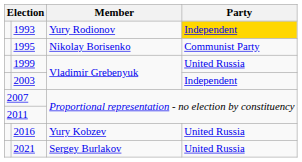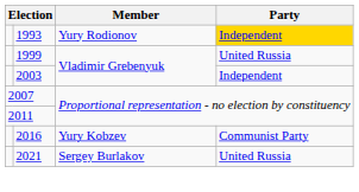 <table class="wikitable">
 <tr>
 <th colspan="2">Election</th>
 <th>Member</th>
 <th>Party</th>
 </tr>
 <tr>
 <td style="background-color:"></td>
 <td><a href='#'>1993</a></td>
 <td><a href='#'>Yury Rodionov</a></td>
 <td style="background: gold;"><a href='#'>Independent</a></td>
-</tr>
-<tr>
-<td style="background-color:"></td>
-<td><a href='#'>1995</a></td>
-<td><a href='#'>Nikolay Borisenko</a></td>
-<td><a href='#'>Communist Party</a></td>
 </tr>
 <tr>
 <td style="background-color:"></td>
 <td><a href='#'>1999</a></td>
 <td rowspan=2><a href='#'>Vladimir Grebenyuk</a></td>
 <td><a href='#'>United Russia</a></td>
 </tr>
 <tr>
 <td style="background-color:"></td>
 <td><a href='#'>2003</a></td>
 <td><a href='#'>Independent</a></td>
 </tr>
 <tr>
 <td colspan=2><a href='#'>2007</a></td>
 <td colspan=2 rowspan=2><em><a href='#'>Proportional representation</a> - no election by constituency</em></td>
 </tr>
 <tr>
 <td colspan=2><a href='#'>2011</a></td>
 </tr>
 <tr>
 <td style="background-color: "></td>
 <td><a href='#'>2016</a></td>
 <td><a href='#'>Yury Kobzev</a></td>
-<td><a href='#'>United Russia</a></td>
+<td><a href='#'>Communist Party</a></td>
 </tr>
 <tr>
 <td style="background-color: "></td>
 <td><a href='#'>2021</a></td>
 <td><a href='#'>Sergey Burlakov</a></td>
 <td><a href='#'>United Russia</a></td>
 </tr>
 </table>
